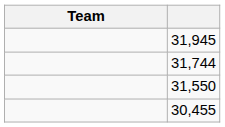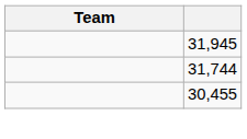 <table class="wikitable" style="display:inline-table;">
 <tr>
 <th width=170>Team</th>
 <th></th>
 </tr>
 <tr>
 <td></td>
 <td style="text-align: right;">31,945</td>
 </tr>
 <tr>
 <td></td>
 <td style="text-align: right;">31,744</td>
 </tr>
 <tr>
 <td></td>
-<td style="text-align: right;">31,550</td>
-</tr>
-<tr>
-<td></td>
 <td style="text-align: right;">30,455</td>
 </tr>
 </table>
